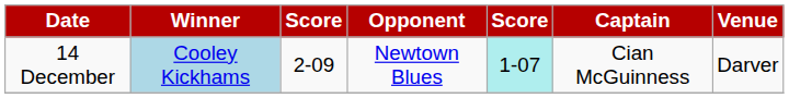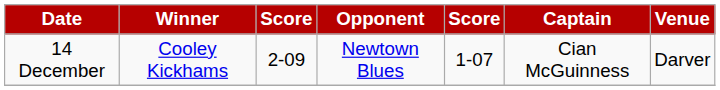 <table class="wikitable" style="text-align:center;">
 <tr>
 <th style="background:#B60000;color:white">Date</th>
 <th style="background:#B60000;color:white">Winner</th>
 <th style="background:#B60000;color:white">Score</th>
 <th style="background:#B60000;color:white">Opponent</th>
 <th style="background:#B60000;color:white">Score</th>
 <th style="background:#B60000;color:white">Captain</th>
 <th style="background:#B60000;color:white">Venue</th>
 </tr>
 <tr>
 <td>14 December</td>
-<td style="background: lightblue;"><a href='#'>Cooley Kickhams</a></td>
+<td><a href='#'>Cooley Kickhams</a></td>
 <td>2-09</td>
 <td><a href='#'>Newtown Blues</a></td>
-<td style="background: paleturquoise;">1-07</td>
+<td>1-07</td>
 <td>Cian McGuinness</td>
 <td>Darver</td>
 </tr>
 <tr>
 </tr>
 </table>
